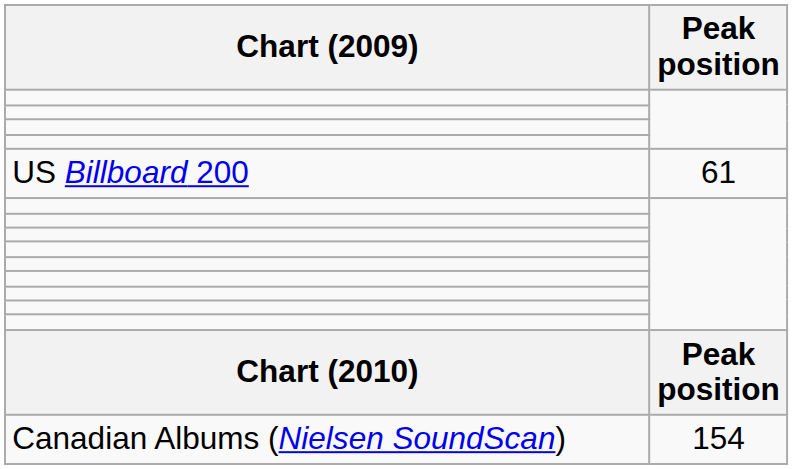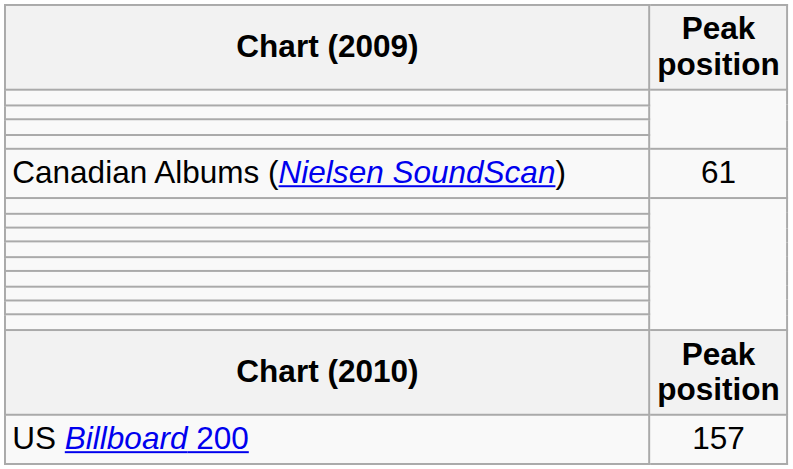 <table class="wikitable sortable">
 <tr>
 <th>Chart (2009)</th>
 <th>Peak<br>position</th>
 </tr>
 <tr>
 <td></td>
 </tr>
 <tr>
 <td></td>
 </tr>
 <tr>
 <td></td>
 </tr>
 <tr>
 <td></td>
 </tr>
 <tr>
-<td>US <a href='#'><em>Billboard</em> 200</a></td>
+<td>Canadian Albums (<em><a href='#'>Nielsen SoundScan</a></em>)</td>
 <td align="center">61</td>
 </tr>
 <tr>
 <td></td>
 </tr>
 <tr>
 <td></td>
 </tr>
 <tr>
 <td></td>
 </tr>
 <tr>
 <td></td>
 </tr>
 <tr>
 <td></td>
 </tr>
 <tr>
 <td></td>
 </tr>
 <tr>
 <td></td>
 </tr>
 <tr>
 <td></td>
 </tr>
 <tr>
 <td></td>
 </tr>
 <tr>
 <th style="width:20em;">Chart (2010)</th>
 <th>Peak<br>position</th>
 </tr>
 <tr>
-<td>Canadian Albums (<em><a href='#'>Nielsen SoundScan</a></em>)</td>
-<td align="center">154</td>
+<td>US <a href='#'><em>Billboard</em> 200</a></td>
+<td align="center">157</td>
 </tr>
 </table>
